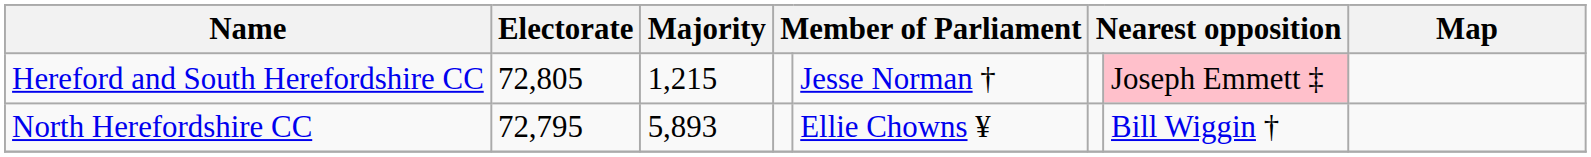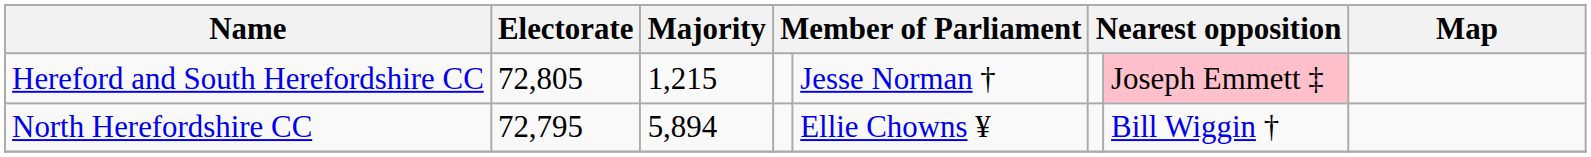 <table class="wikitable sortable">
 <tr>
 <th rowspan=1>Name</th>
 <th rowspan=1>Electorate</th>
 <th rowspan=1>Majority</th>
 <th colspan=2 class=unsortable>Member of Parliament</th>
 <th colspan=2 class=unsortable>Nearest opposition</th>
 <th rowspan=1 class="unsortable" style="width:15%;">Map</th>
 </tr>
 <tr>
 <td><a href='#'>Hereford and South Herefordshire CC</a></td>
 <td>72,805</td>
 <td>1,215</td>
 <td style="color:inherit;background:"></td>
 <td><a href='#'>Jesse Norman</a> †</td>
 <td style="color:inherit;background:"></td>
 <td style="background: pink;">Joseph Emmett ‡</td>
 <td></td>
 </tr>
 <tr>
 <td><a href='#'>North Herefordshire CC</a></td>
 <td>72,795</td>
-<td>5,893</td>
+<td>5,894</td>
 <td style="color:inherit;background:"></td>
 <td><a href='#'>Ellie Chowns</a> ¥</td>
 <td style="color:inherit;background:"></td>
 <td><a href='#'>Bill Wiggin</a> †</td>
 <td></td>
 </tr>
 <tr>
 </tr>
 </table>
